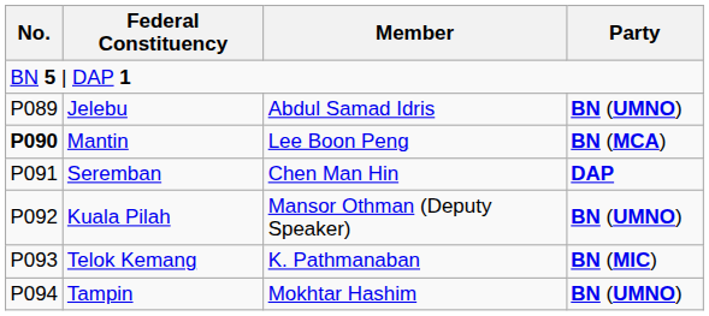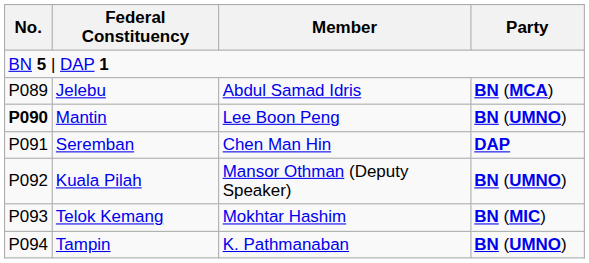 <table class="wikitable sortable">
 <tr>
 <th style="width:30px;">No.</th>
 <th style="width:150px;">Federal Constituency</th>
 <th style="width:230px;">Member</th>
 <th style="width:100px;">Party</th>
 </tr>
 <tr>
 <td colspan="4"><a href='#'>BN</a> <strong>5</strong> | <a href='#'>DAP</a> <strong>1</strong></td>
 </tr>
 <tr>
 <td>P089</td>
 <td><a href='#'>Jelebu</a></td>
 <td><a href='#'>Abdul Samad Idris</a></td>
-<td><strong><a href='#'>BN</a></strong> (<strong><a href='#'>UMNO</a></strong>)</td>
+<td><strong><a href='#'>BN</a></strong> (<strong><a href='#'>MCA</a></strong>)</td>
 </tr>
 <tr>
 <td><strong>P090</strong></td>
 <td><a href='#'>Mantin</a></td>
 <td><a href='#'>Lee Boon Peng</a></td>
-<td><strong><a href='#'>BN</a></strong> (<strong><a href='#'>MCA</a></strong>)</td>
+<td><strong><a href='#'>BN</a></strong> (<strong><a href='#'>UMNO</a></strong>)</td>
 </tr>
 <tr>
 <td>P091</td>
 <td><a href='#'>Seremban</a></td>
 <td><a href='#'>Chen Man Hin</a></td>
 <td><strong><a href='#'>DAP</a></strong></td>
 </tr>
 <tr>
 <td>P092</td>
 <td><a href='#'>Kuala Pilah</a></td>
 <td><a href='#'>Mansor Othman</a> (Deputy Speaker)</td>
 <td><strong><a href='#'>BN</a></strong> (<strong><a href='#'>UMNO</a></strong>)</td>
 </tr>
 <tr>
 <td>P093</td>
 <td><a href='#'>Telok Kemang</a></td>
-<td><a href='#'>K. Pathmanaban</a></td>
+<td><a href='#'>Mokhtar Hashim</a></td>
 <td><strong><a href='#'>BN</a></strong> (<strong><a href='#'>MIC</a></strong>)</td>
 </tr>
 <tr>
 <td>P094</td>
 <td><a href='#'>Tampin</a></td>
-<td><a href='#'>Mokhtar Hashim</a></td>
+<td><a href='#'>K. Pathmanaban</a></td>
 <td><strong><a href='#'>BN</a></strong> (<strong><a href='#'>UMNO</a></strong>)</td>
 </tr>
 </table>
